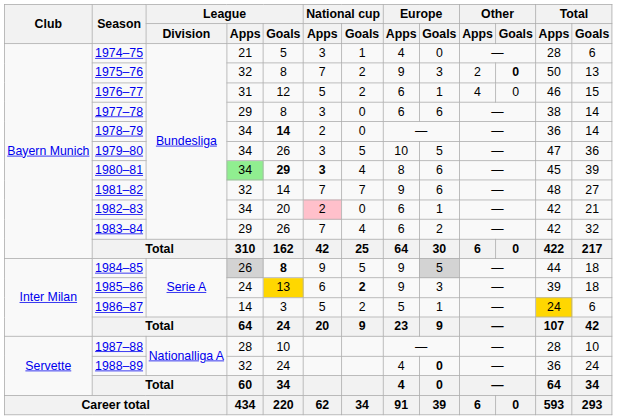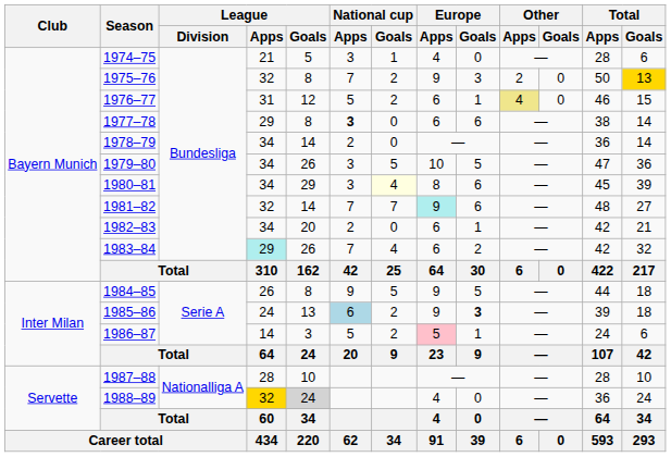 <table class="wikitable" style="text-align:center">
 <tr>
 <th rowspan="2">Club</th>
 <th rowspan="2">Season</th>
 <th colspan="3">League</th>
 <th colspan="2">National cup</th>
 <th colspan="2">Europe</th>
 <th colspan="2">Other</th>
 <th colspan="2">Total</th>
 </tr>
 <tr>
 <th>Division</th>
 <th>Apps</th>
 <th>Goals</th>
 <th>Apps</th>
 <th>Goals</th>
 <th>Apps</th>
 <th>Goals</th>
 <th>Apps</th>
 <th>Goals</th>
 <th>Apps</th>
 <th>Goals</th>
 </tr>
 <tr>
 <td rowspan="11"><a href='#'>Bayern Munich</a></td>
 <td><a href='#'>1974–75</a></td>
 <td rowspan="10"><a href='#'>Bundesliga</a></td>
 <td>21</td>
 <td>5</td>
 <td>3</td>
 <td>1</td>
 <td>4</td>
 <td>0</td>
 <td colspan="2">—</td>
 <td>28</td>
 <td>6</td>
 </tr>
 <tr>
 <td><a href='#'>1975–76</a></td>
 <td>32</td>
 <td>8</td>
 <td>7</td>
 <td>2</td>
 <td>9</td>
 <td>3</td>
 <td>2</td>
-<td><strong>0</strong></td>
+<td>0</td>
 <td>50</td>
-<td>13</td>
+<td style="background: gold;">13</td>
 </tr>
 <tr>
 <td><a href='#'>1976–77</a></td>
 <td>31</td>
 <td>12</td>
 <td>5</td>
 <td>2</td>
 <td>6</td>
 <td>1</td>
-<td>4</td>
+<td style="background: khaki;">4</td>
 <td>0</td>
 <td>46</td>
 <td>15</td>
 </tr>
 <tr>
 <td><a href='#'>1977–78</a></td>
 <td>29</td>
 <td>8</td>
-<td>3</td>
+<td><strong>3</strong></td>
 <td>0</td>
 <td>6</td>
 <td>6</td>
 <td colspan="2">—</td>
 <td>38</td>
 <td>14</td>
 </tr>
 <tr>
 <td><a href='#'>1978–79</a></td>
 <td>34</td>
-<td><strong>14</strong></td>
+<td>14</td>
 <td>2</td>
 <td>0</td>
 <td colspan="2">—</td>
 <td colspan="2">—</td>
 <td>36</td>
 <td>14</td>
 </tr>
 <tr>
 <td><a href='#'>1979–80</a></td>
 <td>34</td>
 <td>26</td>
 <td>3</td>
 <td>5</td>
 <td>10</td>
 <td>5</td>
 <td colspan="2">—</td>
 <td>47</td>
 <td>36</td>
 </tr>
 <tr>
 <td><a href='#'>1980–81</a></td>
-<td style="background: lightgreen;">34</td>
-<td><strong>29</strong></td>
-<td><strong>3</strong></td>
-<td>4</td>
+<td>34</td>
+<td>29</td>
+<td>3</td>
+<td style="background: lightyellow;">4</td>
 <td>8</td>
 <td>6</td>
 <td colspan="2">—</td>
 <td>45</td>
 <td>39</td>
 </tr>
 <tr>
 <td><a href='#'>1981–82</a></td>
 <td>32</td>
 <td>14</td>
 <td>7</td>
 <td>7</td>
-<td>9</td>
+<td style="background: paleturquoise;">9</td>
 <td>6</td>
 <td colspan="2">—</td>
 <td>48</td>
 <td>27</td>
 </tr>
 <tr>
 <td><a href='#'>1982–83</a></td>
 <td>34</td>
 <td>20</td>
-<td style="background: pink;">2</td>
+<td>2</td>
 <td>0</td>
 <td>6</td>
 <td>1</td>
 <td colspan="2">—</td>
 <td>42</td>
 <td>21</td>
 </tr>
 <tr>
 <td><a href='#'>1983–84</a></td>
-<td>29</td>
+<td style="background: paleturquoise;">29</td>
 <td>26</td>
 <td>7</td>
 <td>4</td>
 <td>6</td>
 <td>2</td>
 <td colspan="2">—</td>
 <td>42</td>
 <td>32</td>
 </tr>
 <tr>
 <th colspan="2">Total</th>
 <th>310</th>
 <th>162</th>
 <th>42</th>
 <th>25</th>
 <th>64</th>
 <th>30</th>
 <th>6</th>
 <th>0</th>
 <th>422</th>
 <th>217</th>
 </tr>
 <tr>
 <td rowspan="4"><a href='#'>Inter Milan</a></td>
 <td><a href='#'>1984–85</a></td>
 <td rowspan="3"><a href='#'>Serie A</a></td>
-<td style="background: lightgrey;">26</td>
-<td><strong>8</strong></td>
+<td>26</td>
+<td>8</td>
 <td>9</td>
 <td>5</td>
 <td>9</td>
-<td style="background: lightgrey;">5</td>
+<td>5</td>
 <td colspan="2">—</td>
 <td>44</td>
 <td>18</td>
 </tr>
 <tr>
 <td><a href='#'>1985–86</a></td>
 <td>24</td>
-<td style="background: gold;">13</td>
-<td>6</td>
-<td><strong>2</strong></td>
+<td>13</td>
+<td style="background: lightblue;">6</td>
+<td>2</td>
 <td>9</td>
-<td>3</td>
+<td><strong>3</strong></td>
 <td colspan="2">—</td>
 <td>39</td>
 <td>18</td>
 </tr>
 <tr>
 <td><a href='#'>1986–87</a></td>
 <td>14</td>
 <td>3</td>
 <td>5</td>
 <td>2</td>
-<td>5</td>
+<td style="background: pink;">5</td>
 <td>1</td>
 <td colspan="2">—</td>
-<td style="background: gold;">24</td>
+<td>24</td>
 <td>6</td>
 </tr>
 <tr>
 <th colspan="2">Total</th>
 <th>64</th>
 <th>24</th>
 <th>20</th>
 <th>9</th>
 <th>23</th>
 <th>9</th>
 <th colspan="2">—</th>
 <th>107</th>
 <th>42</th>
 </tr>
 <tr>
 <td rowspan="3"><a href='#'>Servette</a></td>
 <td><a href='#'>1987–88</a></td>
 <td rowspan="2"><a href='#'>Nationalliga A</a></td>
 <td>28</td>
 <td>10</td>
 <td></td>
 <td></td>
 <td colspan="2">—</td>
 <td colspan="2">—</td>
 <td>28</td>
 <td>10</td>
 </tr>
 <tr>
 <td><a href='#'>1988–89</a></td>
-<td>32</td>
-<td>24</td>
+<td style="background: gold;">32</td>
+<td style="background: lightgrey;">24</td>
 <td></td>
 <td></td>
 <td>4</td>
-<td><strong>0</strong></td>
+<td>0</td>
 <td colspan="2">—</td>
 <td>36</td>
 <td>24</td>
 </tr>
 <tr>
 <th colspan="2">Total</th>
 <th>60</th>
 <th>34</th>
 <th></th>
 <th></th>
 <th>4</th>
 <th>0</th>
 <th colspan="2">—</th>
 <th>64</th>
 <th>34</th>
 </tr>
 <tr>
 <th colspan="3">Career total</th>
 <th>434</th>
 <th>220</th>
 <th>62</th>
 <th>34</th>
 <th>91</th>
 <th>39</th>
 <th>6</th>
 <th>0</th>
 <th>593</th>
 <th>293</th>
 </tr>
 </table>
